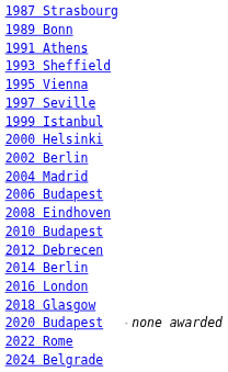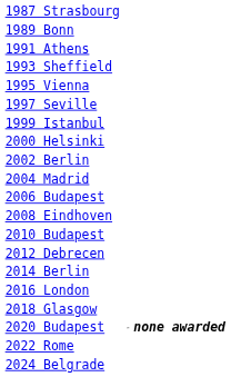 <table>
 <tr>
 <td><a href='#'>1987 Strasbourg</a></td>
 <td></td>
 <td></td>
 <td></td>
 </tr>
 <tr>
 <td><a href='#'>1989 Bonn</a></td>
 <td></td>
 <td></td>
 <td></td>
 </tr>
 <tr>
 <td><a href='#'>1991 Athens</a></td>
 <td></td>
 <td></td>
 <td></td>
 </tr>
 <tr>
 <td><a href='#'>1993 Sheffield</a></td>
 <td></td>
 <td></td>
 <td></td>
 </tr>
 <tr>
 <td><a href='#'>1995 Vienna</a></td>
 <td></td>
 <td></td>
 <td></td>
 </tr>
 <tr>
 <td><a href='#'>1997 Seville</a></td>
 <td></td>
 <td></td>
 <td></td>
 </tr>
 <tr>
 <td><a href='#'>1999 Istanbul</a></td>
 <td></td>
 <td></td>
 <td></td>
 </tr>
 <tr>
 <td><a href='#'>2000 Helsinki</a></td>
 <td></td>
 <td></td>
 <td></td>
 </tr>
 <tr>
 <td><a href='#'>2002 Berlin</a></td>
 <td></td>
 <td></td>
 <td></td>
 </tr>
 <tr>
 <td><a href='#'>2004 Madrid</a></td>
 <td></td>
 <td></td>
 <td></td>
 </tr>
 <tr>
 <td><a href='#'>2006 Budapest</a></td>
 <td></td>
 <td></td>
 <td></td>
 </tr>
 <tr>
 <td><a href='#'>2008 Eindhoven</a></td>
 <td></td>
 <td></td>
 <td></td>
 </tr>
 <tr>
 <td><a href='#'>2010 Budapest</a></td>
 <td></td>
 <td></td>
 <td></td>
 </tr>
 <tr>
 <td><a href='#'>2012 Debrecen</a></td>
 <td></td>
 <td></td>
 <td></td>
 </tr>
 <tr>
 <td><a href='#'>2014 Berlin</a></td>
 <td></td>
 <td></td>
 <td></td>
 </tr>
 <tr>
 <td><a href='#'>2016 London</a></td>
 <td></td>
 <td></td>
 <td></td>
 </tr>
 <tr>
 <td><a href='#'>2018 Glasgow</a></td>
 <td></td>
 <td></td>
 <td></td>
 </tr>
 <tr>
 <td><a href='#'>2020 Budapest</a></td>
 <td></td>
 <td><hr></td>
-<td><em>none awarded</em></td>
+<td><strong><em>none awarded</em></strong></td>
 </tr>
 <tr>
 <td><a href='#'>2022 Rome</a></td>
 <td></td>
 <td></td>
 <td></td>
 </tr>
 <tr>
 <td><a href='#'>2024 Belgrade</a></td>
 <td></td>
 <td></td>
 <td></td>
 </tr>
 </table>
